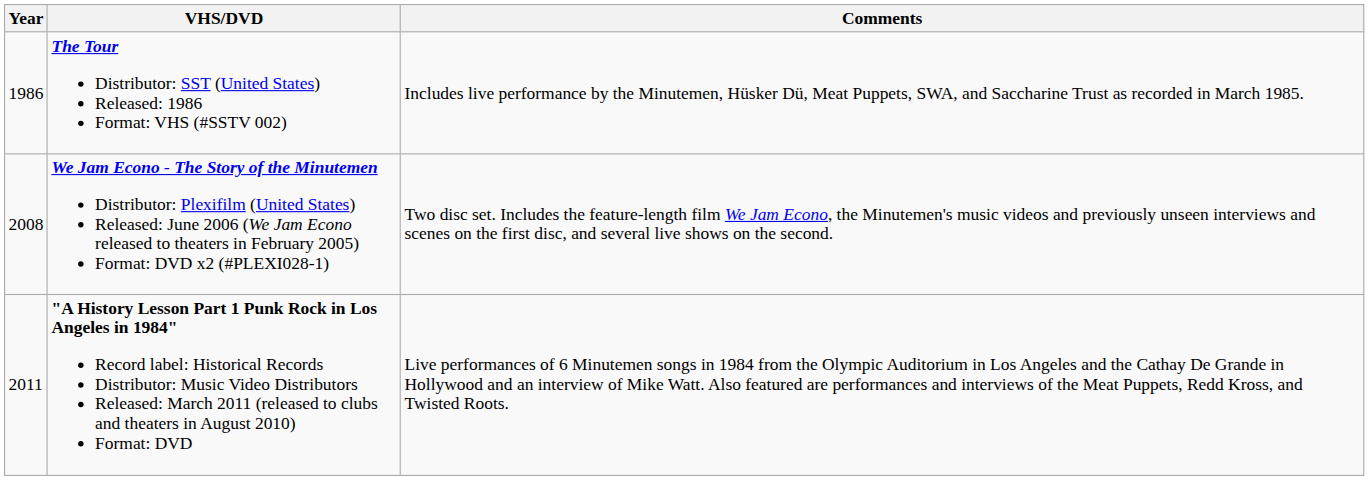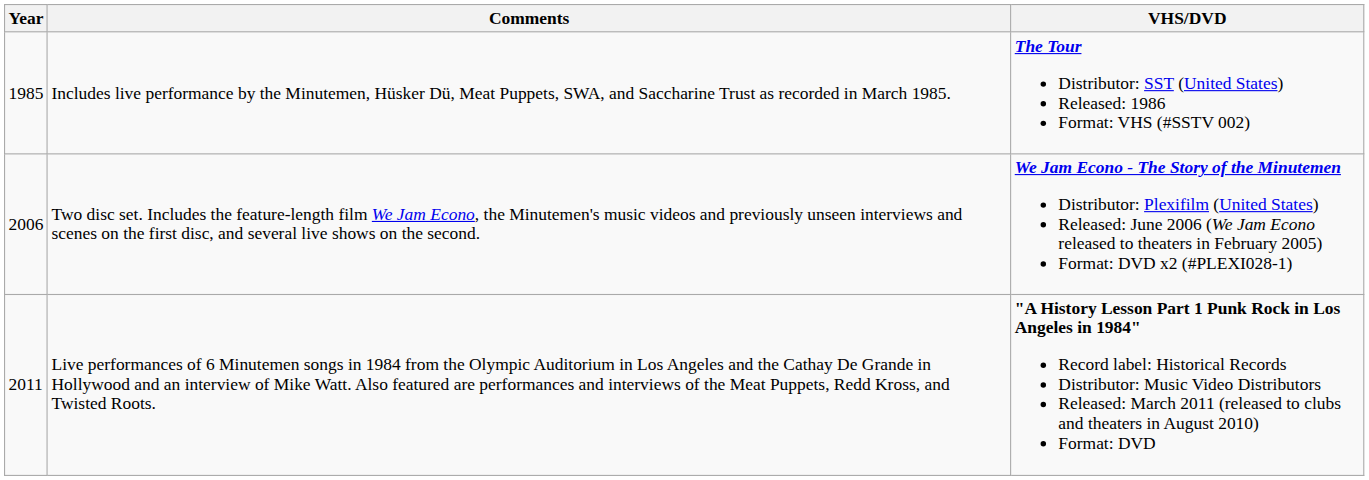 <table class="wikitable">
 <tr>
 <th>Year</th>
+<th>Comments</th>
 <th>VHS/DVD</th>
-<th>Comments</th>
 </tr>
 <tr>
-<td>1986</td>
+<td>1985</td>
+<td>Includes live performance by the Minutemen, Hüsker Dü, Meat Puppets, SWA, and Saccharine Trust as recorded in March 1985.</td>
 <td><strong><em><a href='#'>The Tour</a></em></strong><br><ul><li>Distributor: <a href='#'>SST</a> (<a href='#'>United States</a>)</li><li>Released: 1986</li><li>Format: VHS (#SSTV 002)</li></ul></td>
-<td>Includes live performance by the Minutemen, Hüsker Dü, Meat Puppets, SWA, and Saccharine Trust as recorded in March 1985.</td>
 </tr>
 <tr>
-<td>2008</td>
+<td>2006</td>
+<td>Two disc set. Includes the feature-length film <em><a href='#'>We Jam Econo</a></em>, the Minutemen's music videos and previously unseen interviews and scenes on the first disc, and several live shows on the second.</td>
 <td><strong><em><a href='#'>We Jam Econo - The Story of the Minutemen</a></em></strong><br><ul><li>Distributor: <a href='#'>Plexifilm</a> (<a href='#'>United States</a>)</li><li>Released: June 2006 (<em>We Jam Econo</em> released to theaters in February 2005)</li><li>Format: DVD x2 (#PLEXI028-1)</li></ul></td>
-<td>Two disc set. Includes the feature-length film <em><a href='#'>We Jam Econo</a></em>, the Minutemen's music videos and previously unseen interviews and scenes on the first disc, and several live shows on the second.</td>
 </tr>
 <tr>
 <td>2011</td>
+<td>Live performances of 6 Minutemen songs in 1984 from the Olympic Auditorium in Los Angeles and the Cathay De Grande in Hollywood and an interview of Mike Watt.  Also featured are performances and interviews of the Meat Puppets, Redd Kross, and Twisted Roots.</td>
 <td><strong>"A History Lesson Part 1 Punk Rock in Los Angeles in 1984"</strong><br><ul><li>Record label: Historical Records</li><li>Distributor: Music Video Distributors</li><li>Released: March 2011 (released to clubs and theaters in August 2010)</li><li>Format: DVD</li></ul></td>
-<td>Live performances of 6 Minutemen songs in 1984 from the Olympic Auditorium in Los Angeles and the Cathay De Grande in Hollywood and an interview of Mike Watt.  Also featured are performances and interviews of the Meat Puppets, Redd Kross, and Twisted Roots.</td>
 </tr>
 </table>
